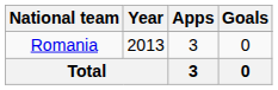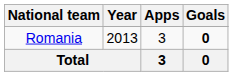 <table class="wikitable" style="text-align: center;">
 <tr>
 <th>National team</th>
 <th>Year</th>
 <th>Apps</th>
 <th>Goals</th>
 </tr>
 <tr>
 <td rowspan="2"><a href='#'>Romania</a></td>
 </tr>
 <tr>
 <td>2013</td>
 <td>3</td>
-<td>0</td>
+<td><strong>0</strong></td>
 </tr>
 <tr>
 <th colspan="2">Total</th>
 <th>3</th>
 <th>0</th>
 </tr>
 </table>
